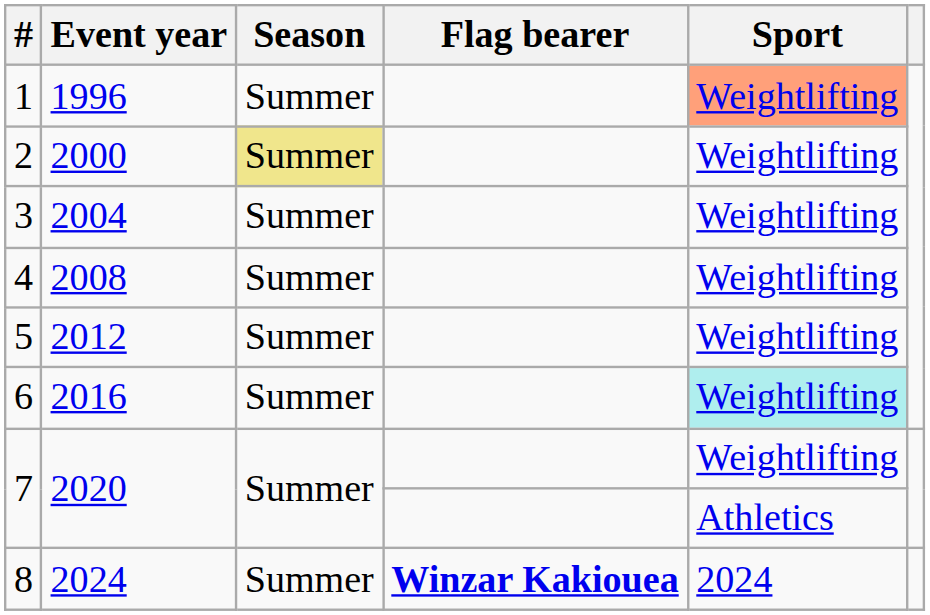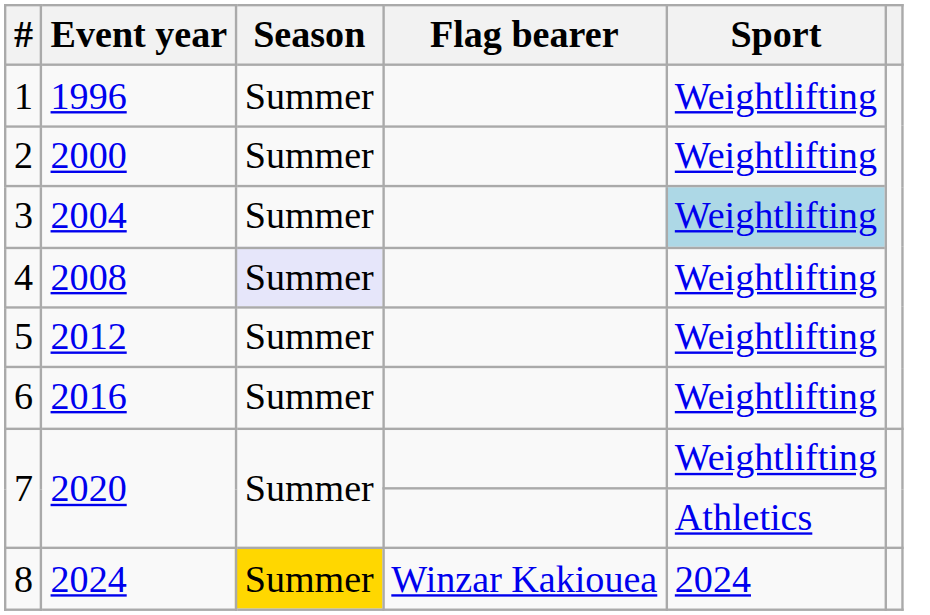 <table class="wikitable sortable">
 <tr>
 <th>#</th>
 <th>Event year</th>
 <th>Season</th>
 <th>Flag bearer</th>
 <th>Sport</th>
 <th></th>
 </tr>
 <tr>
 <td>1</td>
 <td><a href='#'>1996</a></td>
 <td>Summer</td>
 <td></td>
-<td style="background: lightsalmon;"><a href='#'>Weightlifting</a></td>
+<td><a href='#'>Weightlifting</a></td>
 <td rowspan=6></td>
 </tr>
 <tr>
 <td>2</td>
 <td><a href='#'>2000</a></td>
-<td style="background: khaki;">Summer</td>
+<td>Summer</td>
 <td></td>
 <td><a href='#'>Weightlifting</a></td>
 </tr>
 <tr>
 <td>3</td>
 <td><a href='#'>2004</a></td>
 <td>Summer</td>
 <td></td>
-<td><a href='#'>Weightlifting</a></td>
+<td style="background: lightblue;"><a href='#'>Weightlifting</a></td>
 </tr>
 <tr>
 <td>4</td>
 <td><a href='#'>2008</a></td>
-<td>Summer</td>
+<td style="background: lavender;">Summer</td>
 <td></td>
 <td><a href='#'>Weightlifting</a></td>
 </tr>
 <tr>
 <td>5</td>
 <td><a href='#'>2012</a></td>
 <td>Summer</td>
 <td></td>
 <td><a href='#'>Weightlifting</a></td>
 </tr>
 <tr>
 <td>6</td>
 <td><a href='#'>2016</a></td>
 <td>Summer</td>
 <td></td>
-<td style="background: paleturquoise;"><a href='#'>Weightlifting</a></td>
+<td><a href='#'>Weightlifting</a></td>
 </tr>
 <tr>
 <td rowspan=2>7</td>
 <td rowspan=2><a href='#'>2020</a></td>
 <td rowspan=2>Summer</td>
 <td></td>
 <td><a href='#'>Weightlifting</a></td>
 <td rowspan=2></td>
 </tr>
 <tr>
 <td></td>
 <td><a href='#'>Athletics</a></td>
 </tr>
 <tr>
 <td>8</td>
 <td><a href='#'>2024</a></td>
-<td>Summer</td>
-<td><strong><a href='#'>Winzar Kakiouea</a></strong></td>
+<td style="background: gold;">Summer</td>
+<td><a href='#'>Winzar Kakiouea</a></td>
 <td><a href='#'>2024</a></td>
 <td></td>
 </tr>
 </table>
